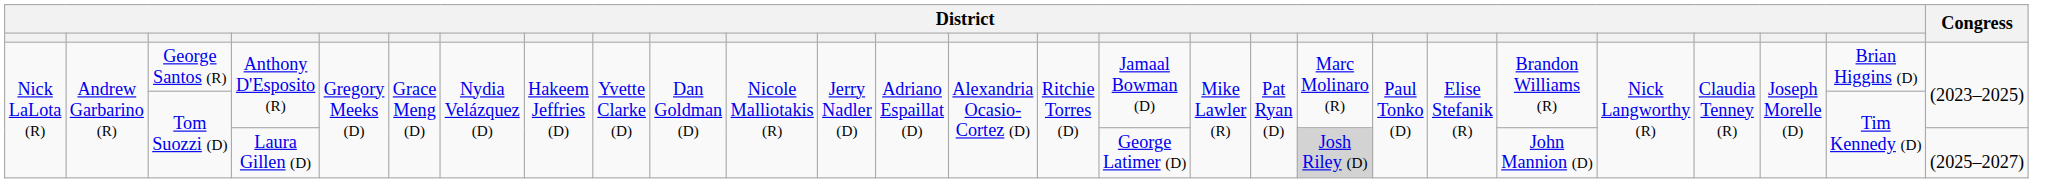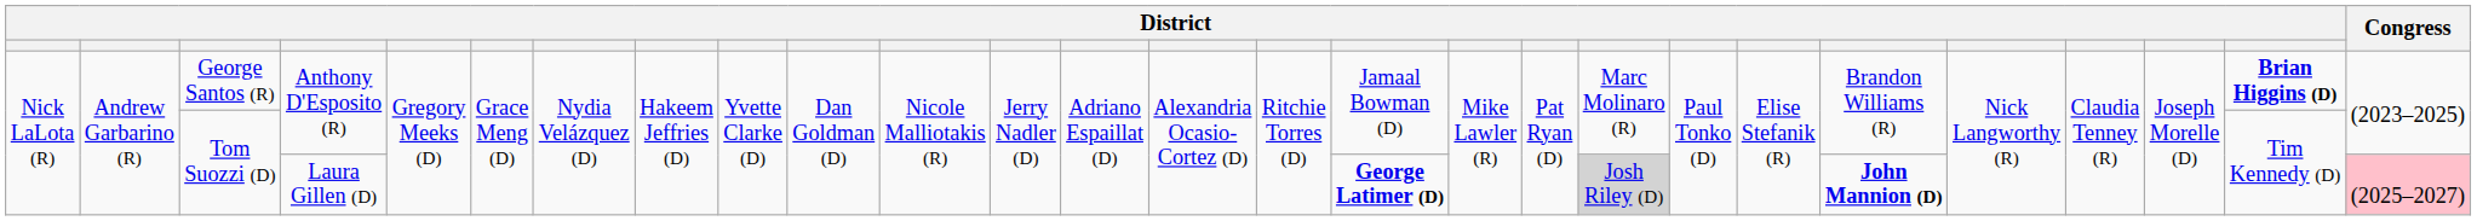 <table class=wikitable style="text-align:center">
 <tr>
 <th colspan=26>District</th>
 <th rowspan=2>Congress</th>
 </tr>
 <tr>
 <th></th>
 <th></th>
 <th></th>
 <th></th>
 <th></th>
 <th></th>
 <th></th>
 <th></th>
 <th></th>
 <th></th>
 <th></th>
 <th></th>
 <th></th>
 <th></th>
 <th></th>
 <th></th>
 <th></th>
 <th></th>
 <th></th>
 <th></th>
 <th></th>
 <th></th>
 <th></th>
 <th></th>
 <th></th>
 <th></th>
 </tr>
 <tr style="height:2em">
 <td rowspan=3 ><a href='#'>Nick<br>LaLota</a><br><small>(R)</small></td>
 <td rowspan=3 ><a href='#'>Andrew<br>Garbarino</a><br><small>(R)</small></td>
 <td><a href='#'>George<br>Santos</a> <small>(R)</small></td>
 <td rowspan=2 ><a href='#'>Anthony<br>D'Esposito</a><br><small>(R)</small></td>
 <td rowspan=3 ><a href='#'>Gregory<br>Meeks</a><br><small>(D)</small></td>
 <td rowspan=3 ><a href='#'>Grace<br>Meng</a><br><small>(D)</small></td>
 <td rowspan=3 ><a href='#'>Nydia<br>Velázquez</a><br><small>(D)</small></td>
 <td rowspan=3 ><a href='#'>Hakeem<br>Jeffries</a><br><small>(D)</small></td>
 <td rowspan=3 ><a href='#'>Yvette<br>Clarke</a><br><small>(D)</small></td>
 <td rowspan=3 ><a href='#'>Dan<br>Goldman</a><br><small>(D)</small></td>
 <td rowspan=3 ><a href='#'>Nicole<br>Malliotakis</a><br><small>(R)</small></td>
 <td rowspan=3 ><a href='#'>Jerry<br>Nadler</a><br><small>(D)</small></td>
 <td rowspan=3 ><a href='#'>Adriano<br>Espaillat</a><br><small>(D)</small></td>
 <td rowspan=3 ><a href='#'>Alexandria<br>Ocasio-<br>Cortez</a> <small>(D)</small></td>
 <td rowspan=3 ><a href='#'>Ritchie<br>Torres</a><br><small>(D)</small></td>
 <td rowspan=2 ><a href='#'>Jamaal<br>Bowman</a><br><small>(D)</small></td>
 <td rowspan=3 ><a href='#'>Mike<br>Lawler</a><br><small>(R)</small></td>
 <td rowspan=3 ><a href='#'>Pat<br>Ryan</a><br><small>(D)</small></td>
 <td rowspan=2 ><a href='#'>Marc<br>Molinaro</a><br><small>(R)</small></td>
 <td rowspan=3 ><a href='#'>Paul<br>Tonko</a><br><small>(D)</small></td>
 <td rowspan=3 ><a href='#'>Elise<br>Stefanik</a><br><small>(R)</small></td>
 <td rowspan=2 ><a href='#'>Brandon<br>Williams</a><br><small>(R)</small></td>
 <td rowspan=3 ><a href='#'>Nick<br>Langworthy</a><br><small>(R)</small></td>
 <td rowspan=3 ><a href='#'>Claudia<br>Tenney</a><br><small>(R)</small></td>
 <td rowspan=3 ><a href='#'>Joseph<br>Morelle</a><br><small>(D)</small></td>
-<td rowspan=1 ><a href='#'>Brian<br>Higgins</a> <small>(D)</small></td>
+<td rowspan=1 ><strong><a href='#'>Brian<br>Higgins</a> <small>(D)</small></strong></td>
 <td rowspan=2><strong></strong><br>(2023–2025)</td>
 </tr>
 <tr style="height:2em">
 <td rowspan=2 ><a href='#'>Tom<br>Suozzi</a> <small>(D)</small></td>
 <td rowspan=2 ><a href='#'>Tim<br>Kennedy</a> <small>(D)</small></td>
 </tr>
 <tr style="height:2em">
 <td><a href='#'>Laura<br>Gillen</a> <small>(D)</small></td>
-<td><a href='#'>George<br>Latimer</a> <small>(D)</small></td>
+<td><strong><a href='#'>George<br>Latimer</a> <small>(D)</small></strong></td>
 <td style="background: lightgrey;"><a href='#'>Josh<br>Riley</a> <small>(D)</small></td>
-<td><a href='#'>John<br>Mannion</a> <small>(D)</small></td>
-<td rowspan=1><strong></strong><br>(2025–2027)</td>
+<td><strong><a href='#'>John<br>Mannion</a> <small>(D)</small></strong></td>
+<td rowspan=1 style="background: pink;"><strong></strong><br>(2025–2027)</td>
 </tr>
 </table>
